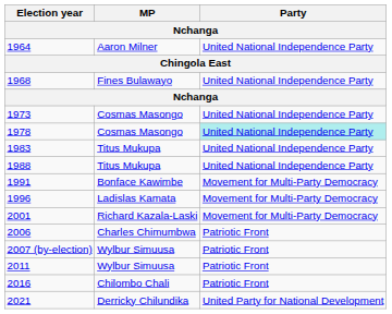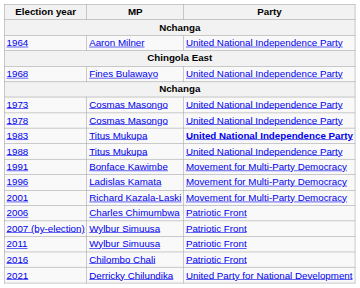 <table class=wikitable>
 <tr>
 <th>Election year</th>
 <th>MP</th>
 <th>Party</th>
 </tr>
 <tr>
 <th colspan=3>Nchanga</th>
 </tr>
 <tr>
 <td><a href='#'>1964</a></td>
 <td><a href='#'>Aaron Milner</a></td>
 <td><a href='#'>United National Independence Party</a></td>
 </tr>
 <tr>
 <th colspan=3>Chingola East</th>
 </tr>
 <tr>
 <td><a href='#'>1968</a></td>
 <td><a href='#'>Fines Bulawayo</a></td>
 <td><a href='#'>United National Independence Party</a></td>
 </tr>
 <tr>
 <th colspan=3>Nchanga</th>
 </tr>
 <tr>
 <td><a href='#'>1973</a></td>
 <td><a href='#'>Cosmas Masongo</a></td>
 <td><a href='#'>United National Independence Party</a></td>
 </tr>
 <tr>
 <td><a href='#'>1978</a></td>
 <td><a href='#'>Cosmas Masongo</a></td>
-<td style="background: paleturquoise;"><a href='#'>United National Independence Party</a></td>
+<td><a href='#'>United National Independence Party</a></td>
 </tr>
 <tr>
 <td><a href='#'>1983</a></td>
 <td><a href='#'>Titus Mukupa</a></td>
-<td><a href='#'>United National Independence Party</a></td>
+<td><strong><a href='#'>United National Independence Party</a></strong></td>
 </tr>
 <tr>
 <td><a href='#'>1988</a></td>
 <td><a href='#'>Titus Mukupa</a></td>
 <td><a href='#'>United National Independence Party</a></td>
 </tr>
 <tr>
 <td><a href='#'>1991</a></td>
 <td><a href='#'>Bonface Kawimbe</a></td>
 <td><a href='#'>Movement for Multi-Party Democracy</a></td>
 </tr>
 <tr>
 <td><a href='#'>1996</a></td>
 <td><a href='#'>Ladislas Kamata</a></td>
 <td><a href='#'>Movement for Multi-Party Democracy</a></td>
 </tr>
 <tr>
 <td><a href='#'>2001</a></td>
 <td><a href='#'>Richard Kazala-Laski</a></td>
 <td><a href='#'>Movement for Multi-Party Democracy</a></td>
 </tr>
 <tr>
 <td><a href='#'>2006</a></td>
 <td><a href='#'>Charles Chimumbwa</a></td>
 <td><a href='#'>Patriotic Front</a></td>
 </tr>
 <tr>
 <td><a href='#'>2007 (by-election)</a></td>
 <td><a href='#'>Wylbur Simuusa</a></td>
 <td><a href='#'>Patriotic Front</a></td>
 </tr>
 <tr>
 <td><a href='#'>2011</a></td>
 <td><a href='#'>Wylbur Simuusa</a></td>
 <td><a href='#'>Patriotic Front</a></td>
 </tr>
 <tr>
 <td><a href='#'>2016</a></td>
 <td><a href='#'>Chilombo Chali</a></td>
 <td><a href='#'>Patriotic Front</a></td>
 </tr>
 <tr>
 <td><a href='#'>2021</a></td>
 <td><a href='#'>Derricky Chilundika</a></td>
 <td><a href='#'>United Party for National Development</a></td>
 </tr>
 </table>
